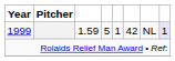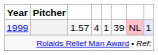 <table class="wikitable sortable plainrowheaders" style="font-size: 95%; text-align:center">
 <tr>
 <th scope="col" style="background-color:#ffffff; border-top:#">Year</th>
 <th scope="col" style="background-color:#ffffff; border-top:#">Pitcher</th>
 <th scope="col" style="background-color:#ffffff; border-top:#"></th>
 <th scope="col" style="background-color:#ffffff; border-top:#"></th>
 <th scope="col" style="background-color:#ffffff; border-top:#"></th>
 <th scope="col" style="background-color:#ffffff; border-top:#"></th>
 <th scope="col" style="background-color:#ffffff; border-top:#"></th>
 <th scope="col" style="background-color:#ffffff; border-top:#"></th>
 </tr>
 <tr>
 <td><a href='#'>1999</a></td>
 <th scope="row" style="text-align:center"></th>
-<td>1.59</td>
-<td>5</td>
+<td>1.57</td>
+<td>4</td>
 <td>1</td>
-<td>42</td>
-<td>NL</td>
+<td>39</td>
+<td style="background: pink;">NL</td>
 <td style="background: lavender;">1</td>
 </tr>
 <tr class="sortbottom">
 <td style="text-align:right"; colspan="8"><small><a href='#'>Rolaids Relief Man Award</a> • <em>Ref</em>:</small></td>
 </tr>
 <tr>
 </tr>
 </table>
